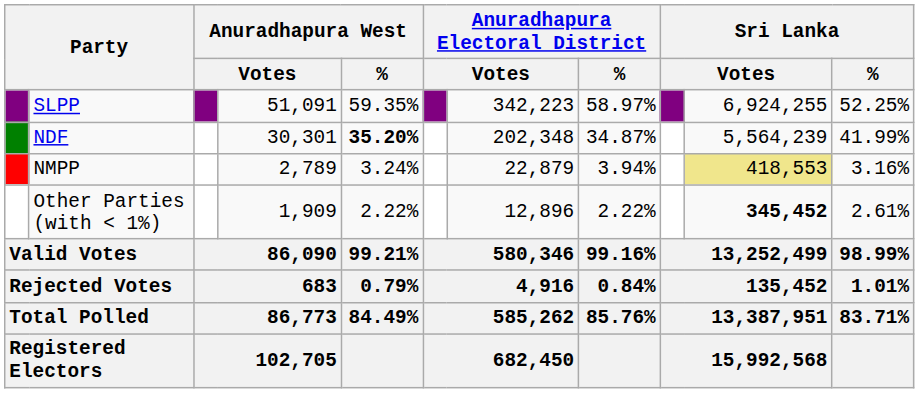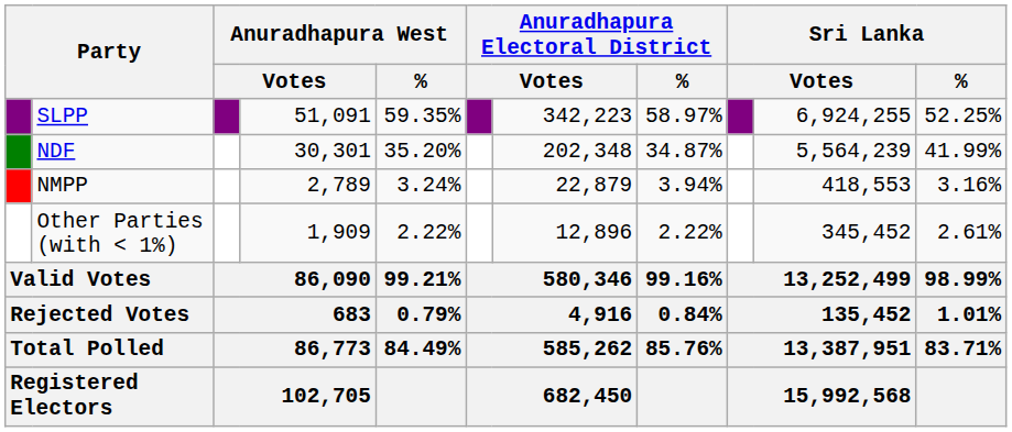 <table class="wikitable">
 <tr>
 <th colspan="2" width="144px"rowspan="2">Party</th>
 <th colspan="3" width="216px">Anuradhapura West</th>
 <th colspan="3" width="216px"><a href='#'>Anuradhapura Electoral District</a></th>
 <th colspan="3" width="216px">Sri Lanka</th>
 </tr>
 <tr>
 <th colspan="2" width="144px">Votes</th>
 <th>%</th>
 <th colspan="2" width="144px">Votes</th>
 <th>%</th>
 <th colspan="2" width="144px">Votes</th>
 <th>%</th>
 </tr>
 <tr>
 <td style="background-color:purple;" width="10px"></td>
 <td style="text-align:left;"><a href='#'>SLPP</a></td>
 <td style="background-color:purple;" width="10px"></td>
 <td style="text-align:right;">51,091</td>
 <td style="text-align:right;">59.35%</td>
 <td style="background-color:purple;" width="10px"></td>
 <td style="text-align:right;">342,223</td>
 <td style="text-align:right;">58.97%</td>
 <td style="background-color:purple;" width="10px"></td>
 <td style="text-align:right;">6,924,255</td>
 <td style="text-align:right;">52.25%</td>
 </tr>
 <tr>
 <td style="background-color:green;" width="10px"></td>
 <td style="text-align:left;"><a href='#'>NDF</a></td>
 <td style="background-color:white;" width="10px"></td>
 <td style="text-align:right;">30,301</td>
-<td style="text-align:right;"><strong>35.20%</strong></td>
+<td style="text-align:right;">35.20%</td>
 <td style="background-color:white;" width="10px"></td>
 <td style="text-align:right;">202,348</td>
 <td style="text-align:right;">34.87%</td>
 <td style="background-color:white;" width="10px"></td>
 <td style="text-align:right;">5,564,239</td>
 <td style="text-align:right;">41.99%</td>
 </tr>
 <tr>
 <td style="background-color:red;" width="10px"></td>
 <td style="text-align:left;">NMPP</td>
 <td style="background-color:white;" width="10px"></td>
 <td style="text-align:right;">2,789</td>
 <td style="text-align:right;">3.24%</td>
 <td style="background-color:white;" width="10px"></td>
 <td style="text-align:right;">22,879</td>
 <td style="text-align:right;">3.94%</td>
 <td style="background-color:white;" width="10px"></td>
-<td style="background: khaki; text-align:right;">418,553</td>
+<td style="text-align:right;">418,553</td>
 <td style="text-align:right;">3.16%</td>
 </tr>
 <tr>
 <td style="background-color:white;" width="10px"></td>
 <td style="text-align:left;">Other Parties (with < 1%)</td>
 <td style="background-color:white;" width="10px"></td>
 <td style="text-align:right;">1,909</td>
 <td style="text-align:right;">2.22%</td>
 <td style="background-color:white;" width="10px"></td>
 <td style="text-align:right;">12,896</td>
 <td style="text-align:right;">2.22%</td>
 <td style="background-color:white;" width="10px"></td>
-<td style="text-align:right;"><strong>345,452</strong></td>
+<td style="text-align:right;">345,452</td>
 <td style="text-align:right;">2.61%</td>
 </tr>
 <tr>
 <th colspan="2" width="144px"style="text-align:left;">Valid Votes</th>
 <th style="text-align:right;"colspan="2" width="144px">86,090</th>
 <th style="text-align:right;">99.21%</th>
 <th style="text-align:right;"colspan="2" width="144px">580,346</th>
 <th style="text-align:right;">99.16%</th>
 <th style="text-align:right;"colspan="2" width="144px">13,252,499</th>
 <th style="text-align:right;">98.99%</th>
 </tr>
 <tr>
 <th colspan="2" width="144px"style="text-align:left;">Rejected Votes</th>
 <th style="text-align:right;"colspan="2" width="144px">683</th>
 <th style="text-align:right;">0.79%</th>
 <th style="text-align:right;"colspan="2" width="144px">4,916</th>
 <th style="text-align:right;">0.84%</th>
 <th style="text-align:right;"colspan="2" width="144px">135,452</th>
 <th style="text-align:right;">1.01%</th>
 </tr>
 <tr>
 <th colspan="2" width="144px"style="text-align:left;">Total Polled</th>
 <th style="text-align:right;"colspan="2" width="144px">86,773</th>
 <th style="text-align:right;">84.49%</th>
 <th style="text-align:right;"colspan="2" width="144px">585,262</th>
 <th style="text-align:right;">85.76%</th>
 <th style="text-align:right;"colspan="2" width="144px">13,387,951</th>
 <th style="text-align:right;">83.71%</th>
 </tr>
 <tr>
 <th colspan="2" width="144px"style="text-align:left;">Registered Electors</th>
 <th style="text-align:right;"colspan="2" width="144px">102,705</th>
 <th></th>
 <th style="text-align:right;"colspan="2" width="144px">682,450</th>
 <th></th>
 <th style="text-align:right;"colspan="2" width="144px">15,992,568</th>
 <th></th>
 </tr>
 </table>
